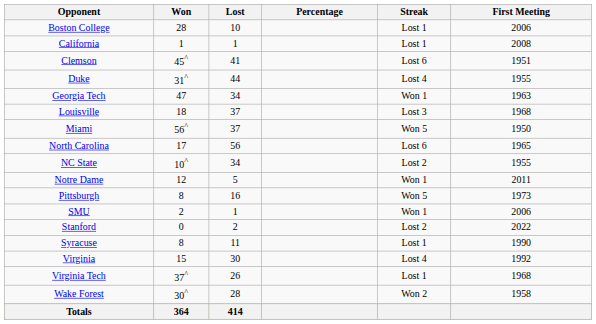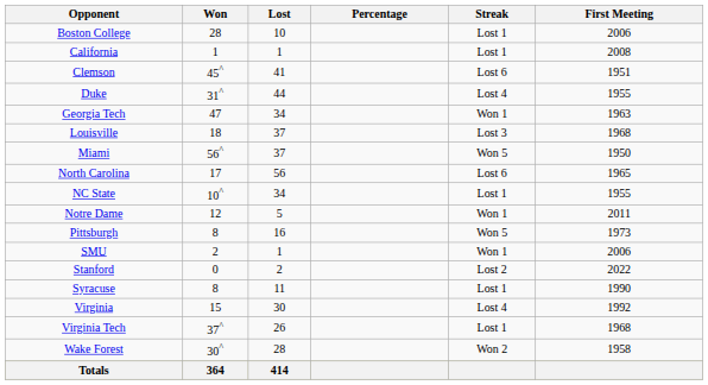 <table class="wikitable" style="width:75%;" style="text-align:center">
 <tr>
 <th>Opponent</th>
 <th>Won</th>
 <th>Lost</th>
 <th>Percentage</th>
 <th>Streak</th>
 <th>First Meeting</th>
 </tr>
 <tr style="text-align:center;">
 <td><a href='#'>Boston College</a></td>
 <td>28</td>
 <td>10</td>
 <td></td>
 <td>Lost 1</td>
 <td>2006</td>
 </tr>
 <tr style="text-align:center;">
 <td><a href='#'>California</a></td>
 <td>1</td>
 <td>1</td>
 <td></td>
 <td>Lost 1</td>
 <td>2008</td>
 </tr>
 <tr style="text-align:center;">
 <td><a href='#'>Clemson</a></td>
 <td>45<sup>^</sup></td>
 <td>41</td>
 <td></td>
 <td>Lost 6</td>
 <td>1951</td>
 </tr>
 <tr style="text-align:center;">
 <td><a href='#'>Duke</a></td>
 <td>31<sup>^</sup></td>
 <td>44</td>
 <td></td>
 <td>Lost 4</td>
 <td>1955</td>
 </tr>
 <tr style="text-align:center;">
 <td><a href='#'>Georgia Tech</a></td>
 <td>47</td>
 <td>34</td>
 <td></td>
 <td>Won 1</td>
 <td>1963</td>
 </tr>
 <tr style="text-align:center;">
 <td><a href='#'>Louisville</a></td>
 <td>18</td>
 <td>37</td>
 <td></td>
 <td>Lost 3</td>
 <td>1968</td>
 </tr>
 <tr style="text-align:center;">
 <td><a href='#'>Miami</a></td>
 <td>56<sup>^</sup></td>
 <td>37</td>
 <td></td>
 <td>Won 5</td>
 <td>1950</td>
 </tr>
 <tr style="text-align:center;">
 <td><a href='#'>North Carolina</a></td>
 <td>17</td>
 <td>56</td>
 <td></td>
 <td>Lost 6</td>
 <td>1965</td>
 </tr>
 <tr style="text-align:center;">
 <td><a href='#'>NC State</a></td>
 <td>10<sup>^</sup></td>
 <td>34</td>
 <td></td>
-<td>Lost 2</td>
+<td>Lost 1</td>
 <td>1955</td>
 </tr>
 <tr style="text-align:center;">
 <td><a href='#'>Notre Dame</a></td>
 <td>12</td>
 <td>5</td>
 <td></td>
 <td>Won 1</td>
 <td>2011</td>
 </tr>
 <tr style="text-align:center;">
 <td><a href='#'>Pittsburgh</a></td>
 <td>8</td>
 <td>16</td>
 <td></td>
 <td>Won 5</td>
 <td>1973</td>
 </tr>
 <tr style="text-align:center;">
 <td><a href='#'>SMU</a></td>
 <td>2</td>
 <td>1</td>
 <td></td>
 <td>Won 1</td>
 <td>2006</td>
 </tr>
 <tr style="text-align:center;">
 <td><a href='#'>Stanford</a></td>
 <td>0</td>
 <td>2</td>
 <td></td>
 <td>Lost 2</td>
 <td>2022</td>
 </tr>
 <tr style="text-align:center;">
 <td><a href='#'>Syracuse</a></td>
 <td>8</td>
 <td>11</td>
 <td></td>
 <td>Lost 1</td>
 <td>1990</td>
 </tr>
 <tr style="text-align:center;">
 <td><a href='#'>Virginia</a></td>
 <td>15</td>
 <td>30</td>
 <td></td>
 <td>Lost 4</td>
 <td>1992</td>
 </tr>
 <tr style="text-align:center;">
 <td><a href='#'>Virginia Tech</a></td>
 <td>37<sup>^</sup></td>
 <td>26</td>
 <td></td>
 <td>Lost 1</td>
 <td>1968</td>
 </tr>
 <tr style="text-align:center;">
 <td><a href='#'>Wake Forest</a></td>
 <td>30<sup>^</sup></td>
 <td>28</td>
 <td></td>
 <td>Won 2</td>
 <td>1958</td>
 </tr>
 <tr class="unsortable" style="text-align:center; background:#CCCC66;">
 <th><strong>Totals</strong></th>
 <th><strong>364</strong></th>
 <th><strong>414</strong></th>
 <th><strong></strong></th>
 <th></th>
 <th></th>
 </tr>
 </table>
